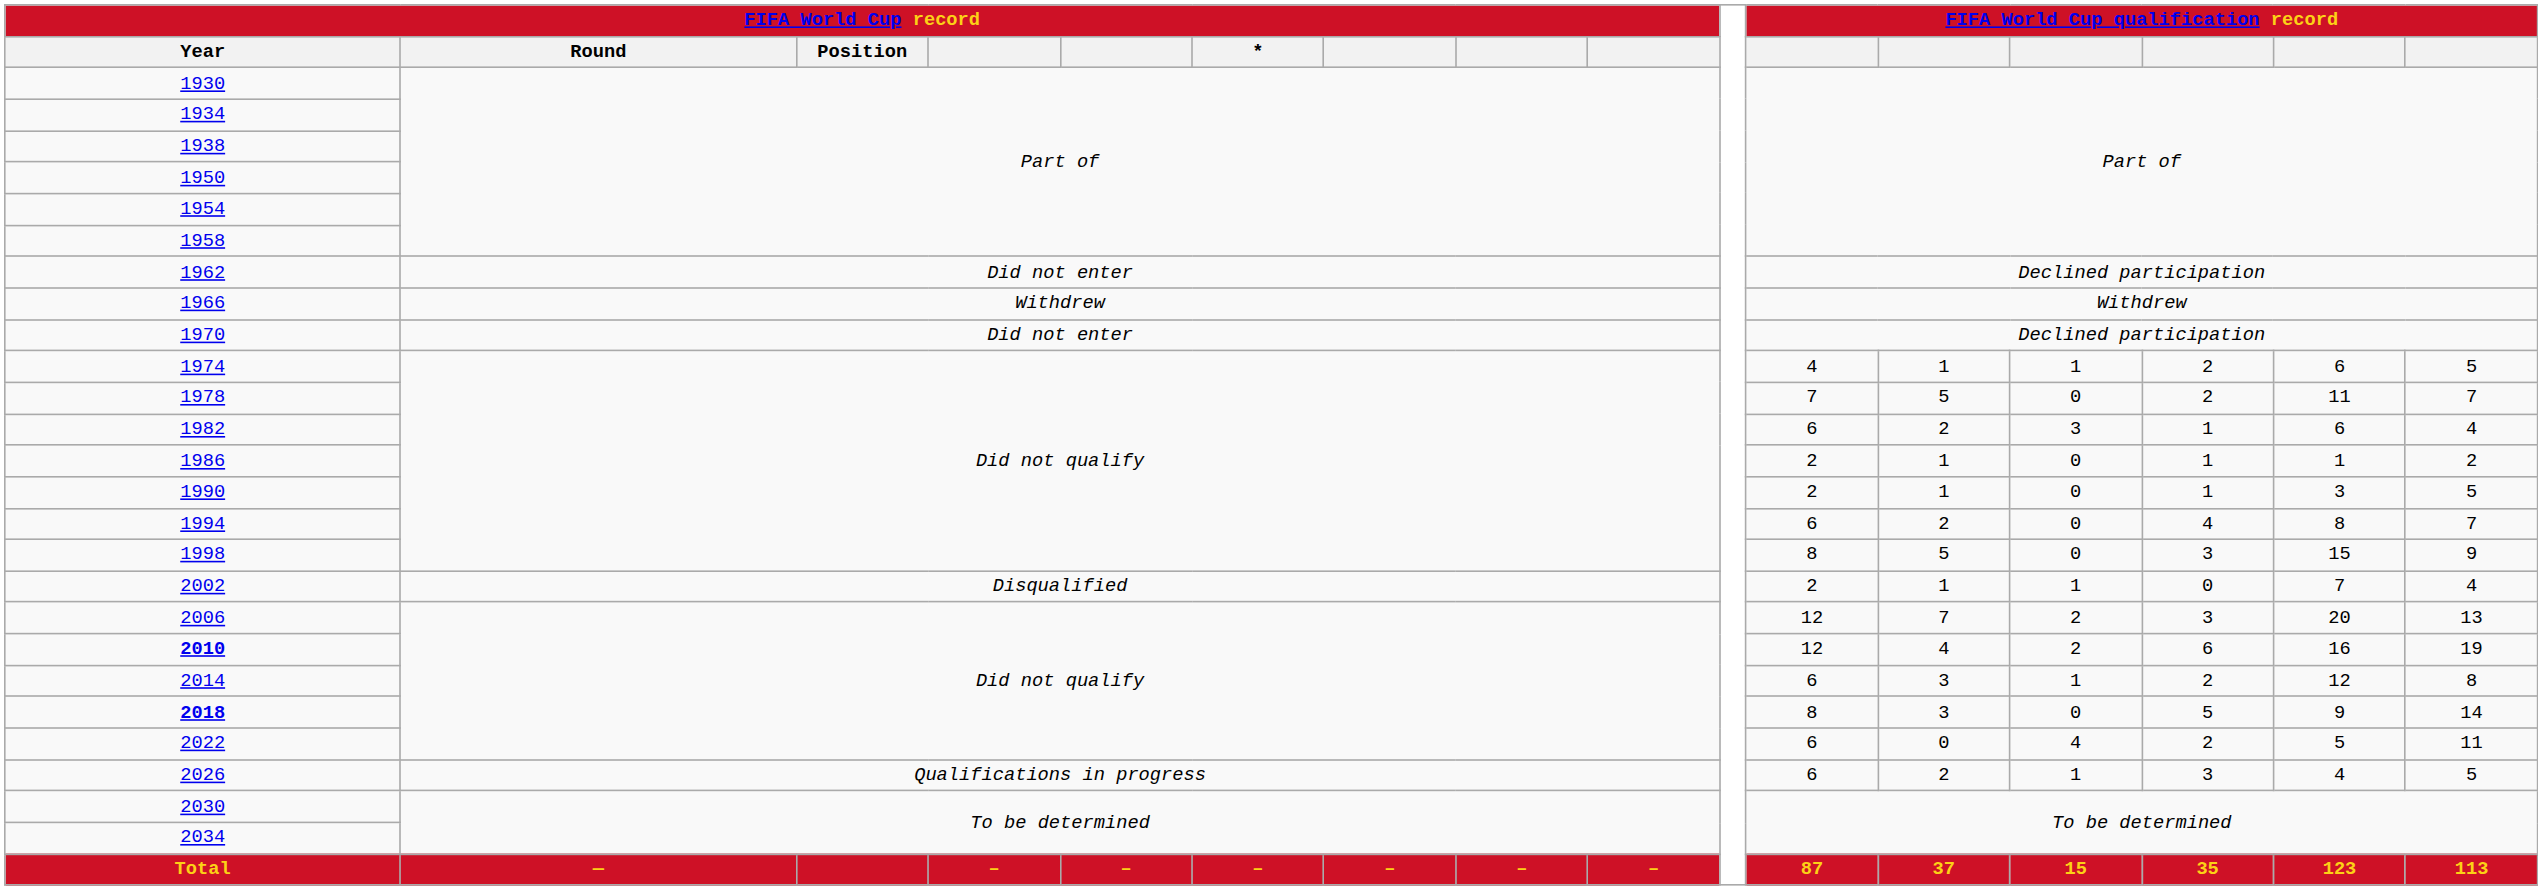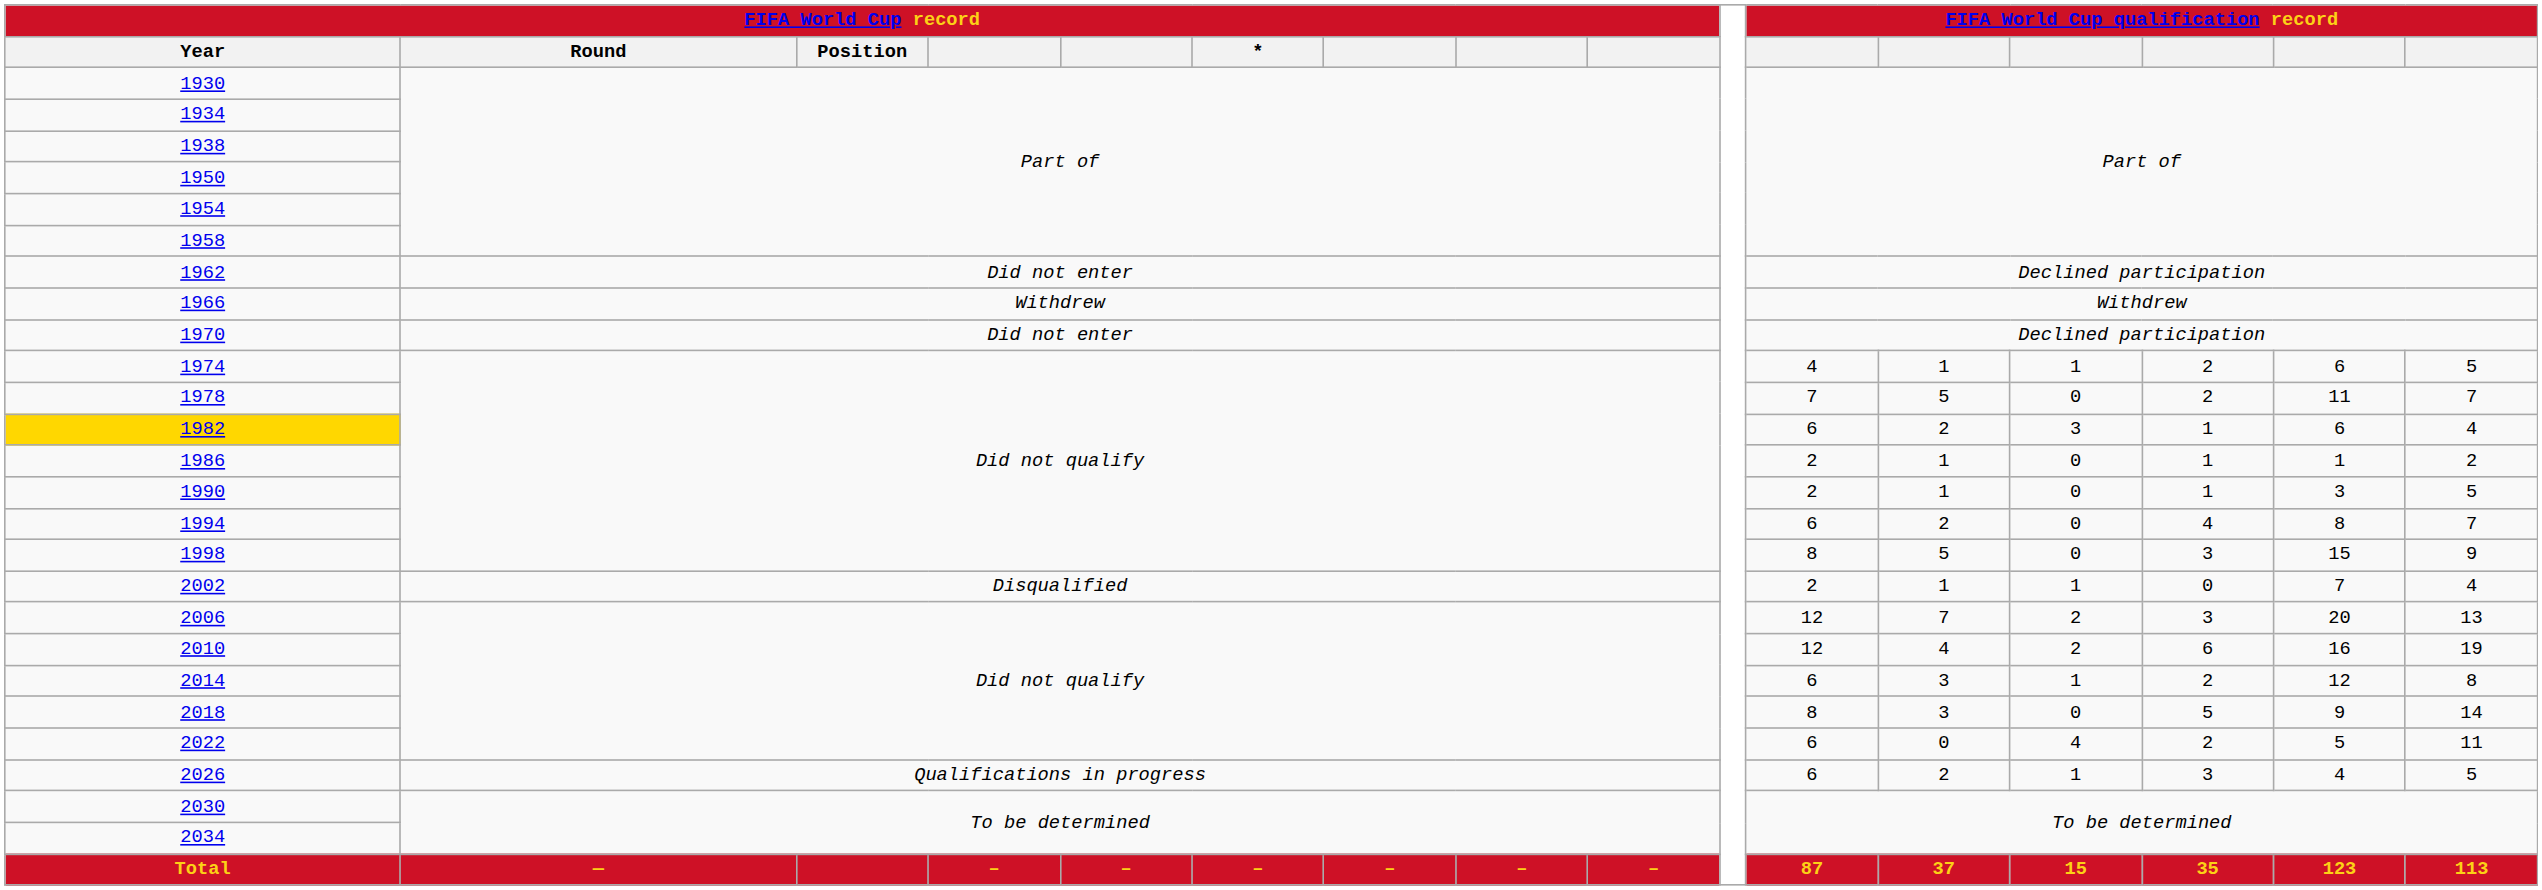 <table class="wikitable" class="wikitable" style="font-size:90%; text-align:center; width:100%">
 <tr>
 <th colspan="9" style="background:#CE1126; color:#FCD116; "><a href='#'><span>FIFA World Cup</span></a> record</th>
 <th rowspan="41" style="width:1%;background:white"></th>
 <th colspan="6" style="background:#CE1126; color:#FCD116; "><a href='#'><span>FIFA World Cup qualification</span></a> record</th>
 </tr>
 <tr>
 <th width="15%">Year</th>
 <th width="15%">Round</th>
 <th width="5%">Position</th>
 <th width="5%"></th>
 <th width="5%"></th>
 <th width="5%">*</th>
 <th width="5%"></th>
 <th width="5%"></th>
 <th width="5%"></th>
 <th width="5%"></th>
 <th width="5%"></th>
 <th width="5%"></th>
 <th width="5%"></th>
 <th width="5%"></th>
 <th width="5%"></th>
 </tr>
 <tr>
 <td> <a href='#'>1930</a></td>
 <td colspan="8" rowspan="6"><em>Part of </em></td>
 <td colspan="6" rowspan="6"><em>Part of </em></td>
 </tr>
 <tr>
 <td> <a href='#'>1934</a></td>
 </tr>
 <tr>
 <td> <a href='#'>1938</a></td>
 </tr>
 <tr>
 <td> <a href='#'>1950</a></td>
 </tr>
 <tr>
 <td> <a href='#'>1954</a></td>
 </tr>
 <tr>
 <td> <a href='#'>1958</a></td>
 </tr>
 <tr>
 <td> <a href='#'>1962</a></td>
 <td colspan=8><em>Did not enter</em></td>
 <td colspan=6><em>Declined participation</em></td>
 </tr>
 <tr>
 <td> <a href='#'>1966</a></td>
 <td colspan=8><em>Withdrew</em></td>
 <td colspan=6><em>Withdrew</em></td>
 </tr>
 <tr>
 <td> <a href='#'>1970</a></td>
 <td colspan=8><em>Did not enter</em></td>
 <td colspan=6><em>Declined participation</em></td>
 </tr>
 <tr>
 <td> <a href='#'>1974</a></td>
 <td colspan=8 rowspan=7><em>Did not qualify</em></td>
 <td>4</td>
 <td>1</td>
 <td>1</td>
 <td>2</td>
 <td>6</td>
 <td>5</td>
 </tr>
 <tr>
 <td> <a href='#'>1978</a></td>
 <td>7</td>
 <td>5</td>
 <td>0</td>
 <td>2</td>
 <td>11</td>
 <td>7</td>
 </tr>
 <tr>
-<td> <a href='#'>1982</a></td>
+<td style="background: gold;"> <a href='#'>1982</a></td>
 <td>6</td>
 <td>2</td>
 <td>3</td>
 <td>1</td>
 <td>6</td>
 <td>4</td>
 </tr>
 <tr>
 <td> <a href='#'>1986</a></td>
 <td>2</td>
 <td>1</td>
 <td>0</td>
 <td>1</td>
 <td>1</td>
 <td>2</td>
 </tr>
 <tr>
 <td> <a href='#'>1990</a></td>
 <td>2</td>
 <td>1</td>
 <td>0</td>
 <td>1</td>
 <td>3</td>
 <td>5</td>
 </tr>
 <tr>
 <td> <a href='#'>1994</a></td>
 <td>6</td>
 <td>2</td>
 <td>0</td>
 <td>4</td>
 <td>8</td>
 <td>7</td>
 </tr>
 <tr>
 <td> <a href='#'>1998</a></td>
 <td>8</td>
 <td>5</td>
 <td>0</td>
 <td>3</td>
 <td>15</td>
 <td>9</td>
 </tr>
 <tr>
 <td>  <a href='#'>2002</a></td>
 <td colspan=8><em>Disqualified</em></td>
 <td>2</td>
 <td>1</td>
 <td>1</td>
 <td>0</td>
 <td>7</td>
 <td>4</td>
 </tr>
 <tr>
 <td> <a href='#'>2006</a></td>
 <td colspan=8 rowspan=5><em>Did not qualify</em></td>
 <td>12</td>
 <td>7</td>
 <td>2</td>
 <td>3</td>
 <td>20</td>
 <td>13</td>
 </tr>
 <tr>
-<td><strong> <a href='#'>2010</a></strong></td>
+<td> <a href='#'>2010</a></td>
 <td>12</td>
 <td>4</td>
 <td>2</td>
 <td>6</td>
 <td>16</td>
 <td>19</td>
 </tr>
 <tr>
 <td> <a href='#'>2014</a></td>
 <td>6</td>
 <td>3</td>
 <td>1</td>
 <td>2</td>
 <td>12</td>
 <td>8</td>
 </tr>
 <tr>
-<td><strong> <a href='#'>2018</a></strong></td>
+<td> <a href='#'>2018</a></td>
 <td>8</td>
 <td>3</td>
 <td>0</td>
 <td>5</td>
 <td>9</td>
 <td>14</td>
 </tr>
 <tr>
 <td> <a href='#'>2022</a></td>
 <td>6</td>
 <td>0</td>
 <td>4</td>
 <td>2</td>
 <td>5</td>
 <td>11</td>
 </tr>
 <tr>
 <td>   <a href='#'>2026</a></td>
 <td colspan="8"><em>Qualifications in progress</em></td>
 <td>6</td>
 <td>2</td>
 <td>1</td>
 <td>3</td>
 <td>4</td>
 <td>5</td>
 </tr>
 <tr>
 <td>   <a href='#'>2030</a></td>
 <td colspan="8" rowspan="2"><em>To be determined</em></td>
 <td colspan="6" rowspan="2"><em>To be determined</em></td>
 </tr>
 <tr>
 <td> <a href='#'>2034</a></td>
 </tr>
 <tr>
 <th style="background:#CE1126; color:#FCD116; ">Total</th>
 <th style="background:#CE1126; color:#FCD116; ">—</th>
 <th style="background:#CE1126; color:#FCD116; "></th>
 <th style="background:#CE1126; color:#FCD116; ">–</th>
 <th style="background:#CE1126; color:#FCD116; ">–</th>
 <th style="background:#CE1126; color:#FCD116; ">–</th>
 <th style="background:#CE1126; color:#FCD116; ">–</th>
 <th style="background:#CE1126; color:#FCD116; ">–</th>
 <th style="background:#CE1126; color:#FCD116; ">–</th>
 <th style="background:#CE1126; color:#FCD116; ">87</th>
 <th style="background:#CE1126; color:#FCD116; ">37</th>
 <th style="background:#CE1126; color:#FCD116; ">15</th>
 <th style="background:#CE1126; color:#FCD116; ">35</th>
 <th style="background:#CE1126; color:#FCD116; ">123</th>
 <th style="background:#CE1126; color:#FCD116; ">113</th>
 </tr>
 </table>
